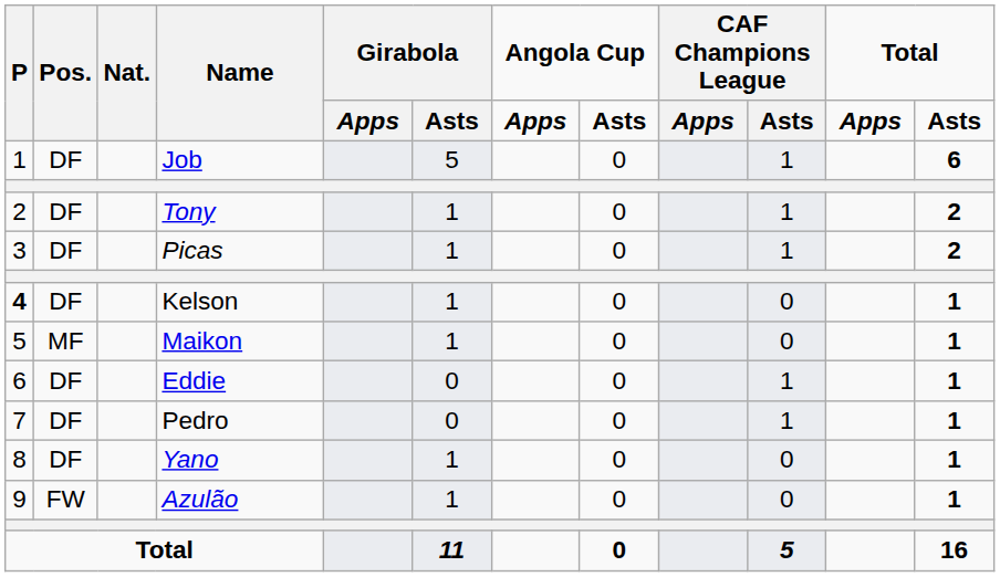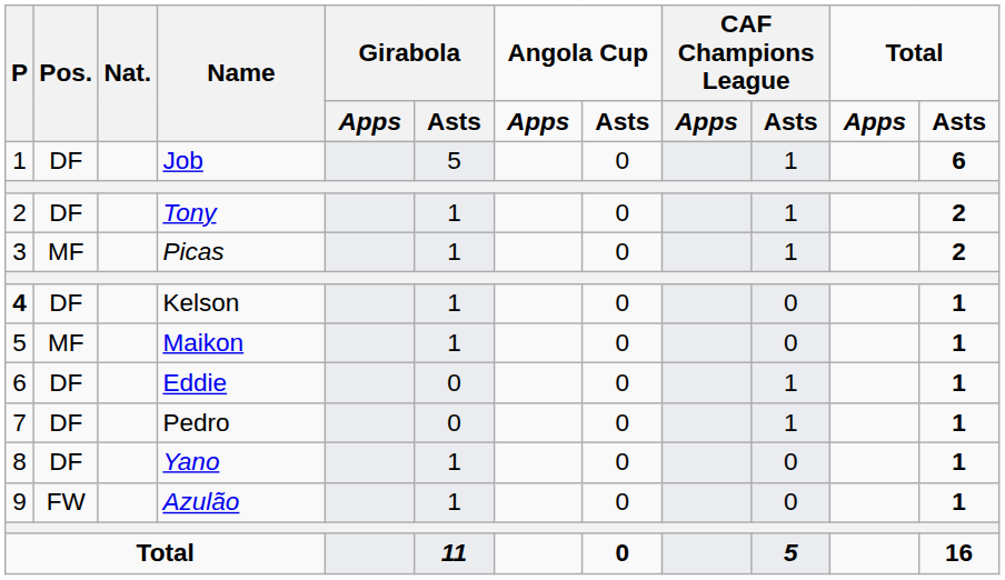 <table class="wikitable sortable" style="text-align:center">
 <tr>
 <th style="text-align:center;" rowspan="2">P</th>
 <th style="text-align:center;" rowspan="2">Pos.</th>
 <th style="text-align:center;" rowspan="2">Nat.</th>
 <th style="text-align:center; width:100px;" rowspan="2">Name</th>
 <th style="text-align:center; width:100px;" colspan="2">Girabola</th>
 <td style="text-align:center; width:100px;" colspan="2"><strong>Angola Cup</strong></td>
 <th style="text-align:center; width:100px;" colspan="2">CAF Champions League</th>
 <td style="text-align:center; width:100px;" colspan="2"><strong>Total</strong></td>
 </tr>
 <tr>
 <th style="text-align:center;"><em>Apps</em></th>
 <th style="text-align:center;">Asts</th>
 <td style="text-align:center;"><strong><em>Apps</em></strong></td>
 <td style="text-align:center;"><strong>Asts</strong></td>
 <th style="text-align:center;"><em>Apps</em></th>
 <th style="text-align:center;">Asts</th>
 <td style="text-align:center;"><strong><em>Apps</em></strong></td>
 <td style="text-align:center;"><strong>Asts</strong></td>
 </tr>
 <tr>
 <td>1</td>
 <td>DF</td>
 <td></td>
 <td align=left><a href='#'>Job</a></td>
 <td style="background:#eaecf0;"><em></em></td>
 <td style="background:#eaecf0;">5</td>
 <td><em></em></td>
 <td>0</td>
 <td style="background:#eaecf0;"><em></em></td>
 <td style="background:#eaecf0;">1</td>
 <td><strong><em></em></strong></td>
 <td><strong>6</strong></td>
 </tr>
 <tr>
 <th colspan=14></th>
 </tr>
 <tr>
 <td>2</td>
 <td>DF</td>
 <td></td>
 <td align=left><em><a href='#'>Tony</a></em></td>
 <td style="background:#eaecf0;"><em></em></td>
 <td style="background:#eaecf0;">1</td>
 <td><em></em></td>
 <td>0</td>
 <td style="background:#eaecf0;"><em></em></td>
 <td style="background:#eaecf0;">1</td>
 <td><strong><em></em></strong></td>
 <td><strong>2</strong></td>
 </tr>
 <tr>
 <td>3</td>
-<td>DF</td>
+<td>MF</td>
 <td></td>
 <td align=left><em>Picas</em></td>
 <td style="background:#eaecf0;"><em></em></td>
 <td style="background:#eaecf0;">1</td>
 <td><em></em></td>
 <td>0</td>
 <td style="background:#eaecf0;"><em></em></td>
 <td style="background:#eaecf0;">1</td>
 <td><strong><em></em></strong></td>
 <td><strong>2</strong></td>
 </tr>
 <tr>
 <th colspan=14></th>
 </tr>
 <tr>
 <td><strong>4</strong></td>
 <td>DF</td>
 <td></td>
 <td align=left>Kelson</td>
 <td style="background:#eaecf0;"><em></em></td>
 <td style="background:#eaecf0;">1</td>
 <td><em></em></td>
 <td>0</td>
 <td style="background:#eaecf0;"><em></em></td>
 <td style="background:#eaecf0;">0</td>
 <td><strong><em></em></strong></td>
 <td><strong>1</strong></td>
 </tr>
 <tr>
 <td>5</td>
 <td>MF</td>
 <td></td>
 <td align=left><a href='#'>Maikon</a></td>
 <td style="background:#eaecf0;"><em></em></td>
 <td style="background:#eaecf0;">1</td>
 <td><em></em></td>
 <td>0</td>
 <td style="background:#eaecf0;"><em></em></td>
 <td style="background:#eaecf0;">0</td>
 <td><strong><em></em></strong></td>
 <td><strong>1</strong></td>
 </tr>
 <tr>
 <td>6</td>
 <td>DF</td>
 <td></td>
 <td align=left><a href='#'>Eddie</a></td>
 <td style="background:#eaecf0;"><em></em></td>
 <td style="background:#eaecf0;">0</td>
 <td><em></em></td>
 <td>0</td>
 <td style="background:#eaecf0;"><em></em></td>
 <td style="background:#eaecf0;">1</td>
 <td><strong><em></em></strong></td>
 <td><strong>1</strong></td>
 </tr>
 <tr>
 <td>7</td>
 <td>DF</td>
 <td></td>
 <td align=left>Pedro</td>
 <td style="background:#eaecf0;"><em></em></td>
 <td style="background:#eaecf0;">0</td>
 <td><em></em></td>
 <td>0</td>
 <td style="background:#eaecf0;"><em></em></td>
 <td style="background:#eaecf0;">1</td>
 <td><strong><em></em></strong></td>
 <td><strong>1</strong></td>
 </tr>
 <tr>
 <td>8</td>
 <td>DF</td>
 <td></td>
 <td align=left><em><a href='#'>Yano</a></em></td>
 <td style="background:#eaecf0;"><em></em></td>
 <td style="background:#eaecf0;">1</td>
 <td><em></em></td>
 <td>0</td>
 <td style="background:#eaecf0;"><em></em></td>
 <td style="background:#eaecf0;">0</td>
 <td><strong><em></em></strong></td>
 <td><strong>1</strong></td>
 </tr>
 <tr>
 <td>9</td>
 <td>FW</td>
 <td></td>
 <td align=left><em><a href='#'>Azulão</a></em></td>
 <td style="background:#eaecf0;"><em></em></td>
 <td style="background:#eaecf0;">1</td>
 <td><em></em></td>
 <td>0</td>
 <td style="background:#eaecf0;"><em></em></td>
 <td style="background:#eaecf0;">0</td>
 <td><strong><em></em></strong></td>
 <td><strong>1</strong></td>
 </tr>
 <tr>
 <th colspan=14></th>
 </tr>
 <tr>
 <td colspan=4><strong>Total</strong></td>
 <td style="background:#eaecf0;"></td>
 <td style="background:#eaecf0;"><strong><em>11</em></strong></td>
 <td></td>
 <td><strong>0</strong></td>
 <td style="background:#eaecf0;"></td>
 <td style="background:#eaecf0;"><strong><em>5</em></strong></td>
 <td></td>
 <td><strong>16</strong></td>
 </tr>
 </table>
